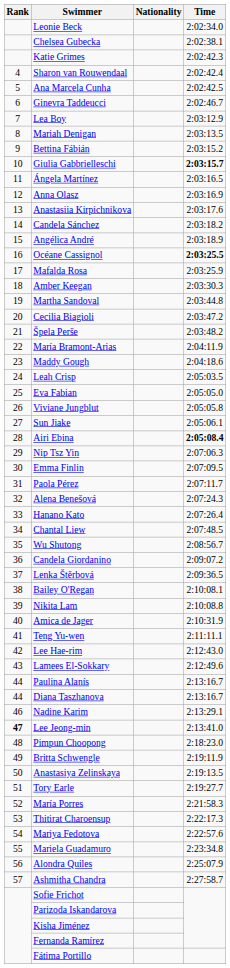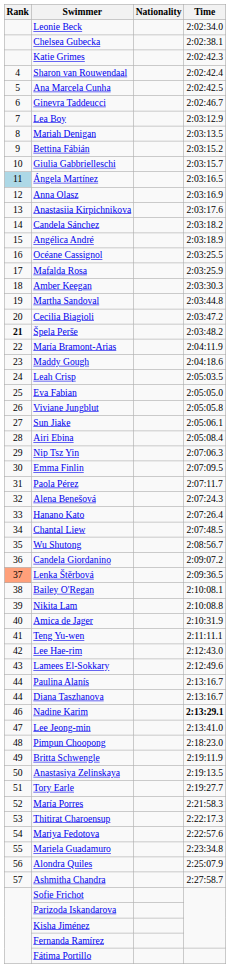 <table class="wikitable sortable" style="text-align:center">
 <tr>
 <th>Rank</th>
 <th>Swimmer</th>
 <th>Nationality</th>
 <th>Time</th>
 </tr>
 <tr>
 <td></td>
 <td align=left><a href='#'>Leonie Beck</a></td>
 <td align=left></td>
 <td>2:02:34.0</td>
 </tr>
 <tr>
 <td></td>
 <td align=left><a href='#'>Chelsea Gubecka</a></td>
 <td align=left></td>
 <td>2:02:38.1</td>
 </tr>
 <tr>
 <td></td>
 <td align=left><a href='#'>Katie Grimes</a></td>
 <td align=left></td>
 <td>2:02:42.3</td>
 </tr>
 <tr>
 <td>4</td>
 <td align=left><a href='#'>Sharon van Rouwendaal</a></td>
 <td align=left></td>
 <td>2:02:42.4</td>
 </tr>
 <tr>
 <td>5</td>
 <td align=left><a href='#'>Ana Marcela Cunha</a></td>
 <td align=left></td>
 <td>2:02:42.5</td>
 </tr>
 <tr>
 <td>6</td>
 <td align=left><a href='#'>Ginevra Taddeucci</a></td>
 <td align=left></td>
 <td>2:02:46.7</td>
 </tr>
 <tr>
 <td>7</td>
 <td align=left><a href='#'>Lea Boy</a></td>
 <td align=left></td>
 <td>2:03:12.9</td>
 </tr>
 <tr>
 <td>8</td>
 <td align=left><a href='#'>Mariah Denigan</a></td>
 <td align=left></td>
 <td>2:03:13.5</td>
 </tr>
 <tr>
 <td>9</td>
 <td align=left><a href='#'>Bettina Fábián</a></td>
 <td align=left></td>
 <td>2:03:15.2</td>
 </tr>
 <tr>
 <td>10</td>
 <td align=left><a href='#'>Giulia Gabbrielleschi</a></td>
 <td align=left></td>
-<td><strong>2:03:15.7</strong></td>
+<td>2:03:15.7</td>
 </tr>
 <tr>
-<td>11</td>
+<td style="background: lightblue;">11</td>
 <td align=left><a href='#'>Ángela Martínez</a></td>
 <td align=left></td>
 <td>2:03:16.5</td>
 </tr>
 <tr>
 <td>12</td>
 <td align=left><a href='#'>Anna Olasz</a></td>
 <td align=left></td>
 <td>2:03:16.9</td>
 </tr>
 <tr>
 <td>13</td>
 <td align=left><a href='#'>Anastasiia Kirpichnikova</a></td>
 <td align=left></td>
 <td>2:03:17.6</td>
 </tr>
 <tr>
 <td>14</td>
 <td align=left><a href='#'>Candela Sánchez</a></td>
 <td align=left></td>
 <td>2:03:18.2</td>
 </tr>
 <tr>
 <td>15</td>
 <td align=left><a href='#'>Angélica André</a></td>
 <td align=left></td>
 <td>2:03:18.9</td>
 </tr>
 <tr>
 <td>16</td>
 <td align=left><a href='#'>Océane Cassignol</a></td>
 <td align=left></td>
-<td><strong>2:03:25.5</strong></td>
+<td>2:03:25.5</td>
 </tr>
 <tr>
 <td>17</td>
 <td align=left><a href='#'>Mafalda Rosa</a></td>
 <td align=left></td>
 <td>2:03:25.9</td>
 </tr>
 <tr>
 <td>18</td>
 <td align=left><a href='#'>Amber Keegan</a></td>
 <td align=left></td>
 <td>2:03:30.3</td>
 </tr>
 <tr>
 <td>19</td>
 <td align=left><a href='#'>Martha Sandoval</a></td>
 <td align=left></td>
 <td>2:03:44.8</td>
 </tr>
 <tr>
 <td>20</td>
 <td align=left><a href='#'>Cecilia Biagioli</a></td>
 <td align=left></td>
 <td>2:03:47.2</td>
 </tr>
 <tr>
-<td>21</td>
+<td><strong>21</strong></td>
 <td align=left><a href='#'>Špela Perše</a></td>
 <td align=left></td>
 <td>2:03:48.2</td>
 </tr>
 <tr>
 <td>22</td>
 <td align=left><a href='#'>María Bramont-Arias</a></td>
 <td align=left></td>
 <td>2:04:11.9</td>
 </tr>
 <tr>
 <td>23</td>
 <td align=left><a href='#'>Maddy Gough</a></td>
 <td align=left></td>
 <td>2:04:18.6</td>
 </tr>
 <tr>
 <td>24</td>
 <td align=left><a href='#'>Leah Crisp</a></td>
 <td align=left></td>
 <td>2:05:03.5</td>
 </tr>
 <tr>
 <td>25</td>
 <td align=left><a href='#'>Eva Fabian</a></td>
 <td align=left></td>
 <td>2:05:05.0</td>
 </tr>
 <tr>
 <td>26</td>
 <td align=left><a href='#'>Viviane Jungblut</a></td>
 <td align=left></td>
 <td>2:05:05.8</td>
 </tr>
 <tr>
 <td>27</td>
 <td align=left><a href='#'>Sun Jiake</a></td>
 <td align=left></td>
 <td>2:05:06.1</td>
 </tr>
 <tr>
 <td>28</td>
 <td align=left><a href='#'>Airi Ebina</a></td>
 <td align=left></td>
-<td><strong>2:05:08.4</strong></td>
+<td>2:05:08.4</td>
 </tr>
 <tr>
 <td>29</td>
 <td align=left><a href='#'>Nip Tsz Yin</a></td>
 <td align=left></td>
 <td>2:07:06.3</td>
 </tr>
 <tr>
 <td>30</td>
 <td align=left><a href='#'>Emma Finlin</a></td>
 <td align=left></td>
 <td>2:07:09.5</td>
 </tr>
 <tr>
 <td>31</td>
 <td align=left><a href='#'>Paola Pérez</a></td>
 <td align=left></td>
 <td>2:07:11.7</td>
 </tr>
 <tr>
 <td>32</td>
 <td align=left><a href='#'>Alena Benešová</a></td>
 <td align=left></td>
 <td>2:07:24.3</td>
 </tr>
 <tr>
 <td>33</td>
 <td align=left><a href='#'>Hanano Kato</a></td>
 <td align=left></td>
 <td>2:07:26.4</td>
 </tr>
 <tr>
 <td>34</td>
 <td align=left><a href='#'>Chantal Liew</a></td>
 <td align=left></td>
 <td>2:07:48.5</td>
 </tr>
 <tr>
 <td>35</td>
 <td align=left><a href='#'>Wu Shutong</a></td>
 <td align=left></td>
 <td>2:08:56.7</td>
 </tr>
 <tr>
 <td>36</td>
 <td align=left><a href='#'>Candela Giordanino</a></td>
 <td align=left></td>
 <td>2:09:07.2</td>
 </tr>
 <tr>
-<td>37</td>
+<td style="background: lightsalmon;">37</td>
 <td align=left><a href='#'>Lenka Štěrbová</a></td>
 <td align=left></td>
 <td>2:09:36.5</td>
 </tr>
 <tr>
 <td>38</td>
 <td align=left><a href='#'>Bailey O'Regan</a></td>
 <td align=left></td>
 <td>2:10:08.1</td>
 </tr>
 <tr>
 <td>39</td>
 <td align=left><a href='#'>Nikita Lam</a></td>
 <td align=left></td>
 <td>2:10:08.8</td>
 </tr>
 <tr>
 <td>40</td>
 <td align=left><a href='#'>Amica de Jager</a></td>
 <td align=left></td>
 <td>2:10:31.9</td>
 </tr>
 <tr>
 <td>41</td>
 <td align=left><a href='#'>Teng Yu-wen</a></td>
 <td align=left></td>
 <td>2:11:11.1</td>
 </tr>
 <tr>
 <td>42</td>
 <td align=left><a href='#'>Lee Hae-rim</a></td>
 <td align=left></td>
 <td>2:12:43.0</td>
 </tr>
 <tr>
 <td>43</td>
 <td align=left><a href='#'>Lamees El-Sokkary</a></td>
 <td align=left></td>
 <td>2:12:49.6</td>
 </tr>
 <tr>
 <td>44</td>
 <td align=left><a href='#'>Paulina Alanís</a></td>
 <td align=left></td>
 <td>2:13:16.7</td>
 </tr>
 <tr>
 <td>44</td>
 <td align=left><a href='#'>Diana Taszhanova</a></td>
 <td align=left></td>
 <td>2:13:16.7</td>
 </tr>
 <tr>
 <td>46</td>
 <td align=left><a href='#'>Nadine Karim</a></td>
 <td align=left></td>
-<td>2:13:29.1</td>
+<td><strong>2:13:29.1</strong></td>
 </tr>
 <tr>
-<td><strong>47</strong></td>
+<td>47</td>
 <td align=left><a href='#'>Lee Jeong-min</a></td>
 <td align=left></td>
 <td>2:13:41.0</td>
 </tr>
 <tr>
 <td>48</td>
 <td align=left><a href='#'>Pimpun Choopong</a></td>
 <td align=left></td>
 <td>2:18:23.0</td>
 </tr>
 <tr>
 <td>49</td>
 <td align=left><a href='#'>Britta Schwengle</a></td>
 <td align=left></td>
 <td>2:19:11.9</td>
 </tr>
 <tr>
 <td>50</td>
 <td align=left><a href='#'>Anastasiya Zelinskaya</a></td>
 <td align=left></td>
 <td>2:19:13.5</td>
 </tr>
 <tr>
 <td>51</td>
 <td align=left><a href='#'>Tory Earle</a></td>
 <td align=left></td>
 <td>2:19:27.7</td>
 </tr>
 <tr>
 <td>52</td>
 <td align=left><a href='#'>María Porres</a></td>
 <td align=left></td>
 <td>2:21:58.3</td>
 </tr>
 <tr>
 <td>53</td>
 <td align=left><a href='#'>Thitirat Charoensup</a></td>
 <td align=left></td>
 <td>2:22:17.3</td>
 </tr>
 <tr>
 <td>54</td>
 <td align=left><a href='#'>Mariya Fedotova</a></td>
 <td align=left></td>
 <td>2:22:57.6</td>
 </tr>
 <tr>
 <td>55</td>
 <td align=left><a href='#'>Mariela Guadamuro</a></td>
 <td align=left></td>
 <td>2:23:34.8</td>
 </tr>
 <tr>
 <td>56</td>
 <td align=left><a href='#'>Alondra Quiles</a></td>
 <td align=left></td>
 <td>2:25:07.9</td>
 </tr>
 <tr>
 <td>57</td>
 <td align=left><a href='#'>Ashmitha Chandra</a></td>
 <td align=left></td>
 <td>2:27:58.7</td>
 </tr>
 <tr>
 <td rowspan=5></td>
 <td align=left><a href='#'>Sofie Frichot</a></td>
 <td align=left></td>
 <td rowspan=4></td>
 </tr>
 <tr>
 <td align=left><a href='#'>Parizoda Iskandarova</a></td>
 <td align=left></td>
 </tr>
 <tr>
 <td align=left><a href='#'>Kisha Jiménez</a></td>
 <td align=left></td>
 </tr>
 <tr>
 <td align=left><a href='#'>Fernanda Ramírez</a></td>
 <td align=left></td>
 </tr>
 <tr>
 <td align=left><a href='#'>Fátima Portillo</a></td>
 <td align=left></td>
 <td></td>
 </tr>
 </table>
